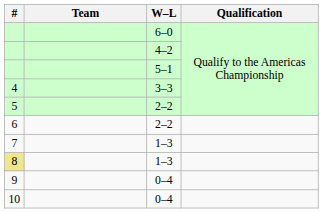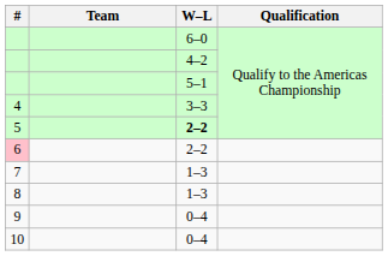 <table class=wikitable style="text-align:center;">
 <tr>
 <th width=20px>#</th>
 <th width=160px>Team</th>
 <th width=40px>W–L</th>
 <th width=180px>Qualification</th>
 </tr>
 <tr bgcolor=#CCFFCC>
 <td></td>
 <td align=left></td>
 <td>6–0</td>
 <td rowspan=5>Qualify to the Americas Championship</td>
 </tr>
 <tr bgcolor=#CCFFCC>
 <td></td>
 <td align=left></td>
 <td>4–2</td>
 </tr>
 <tr bgcolor=#CCFFCC>
 <td></td>
 <td align=left></td>
 <td>5–1</td>
 </tr>
 <tr bgcolor=#CCFFCC>
 <td>4</td>
 <td align=left></td>
 <td>3–3</td>
 </tr>
 <tr bgcolor=#CCFFCC>
 <td>5</td>
 <td align=left></td>
-<td>2–2</td>
+<td><strong>2–2</strong></td>
 </tr>
 <tr>
-<td>6</td>
+<td style="background: pink;">6</td>
 <td align=left></td>
 <td>2–2</td>
 <td></td>
 </tr>
 <tr>
 <td>7</td>
 <td align=left></td>
 <td>1–3</td>
 <td></td>
 </tr>
 <tr>
-<td style="background: khaki;">8</td>
+<td>8</td>
 <td align=left></td>
 <td>1–3</td>
 <td></td>
 </tr>
 <tr>
 <td>9</td>
 <td align=left></td>
 <td>0–4</td>
 <td></td>
 </tr>
 <tr>
 <td>10</td>
 <td align=left></td>
 <td>0–4</td>
 <td></td>
 </tr>
 </table>
